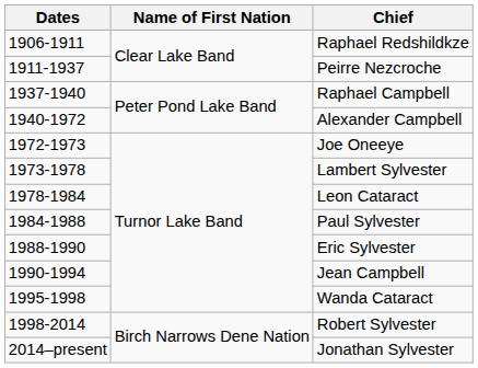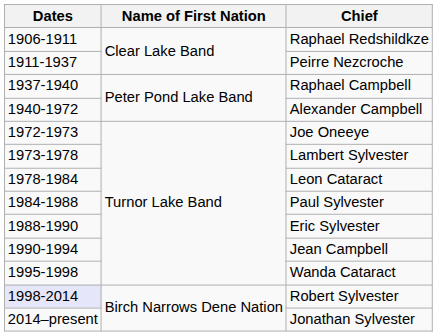 <table class="wikitable">
 <tr>
 <th>Dates</th>
 <th>Name of First Nation</th>
 <th>Chief</th>
 </tr>
 <tr>
 <td>1906-1911</td>
 <td rowspan="2">Clear Lake Band</td>
 <td>Raphael Redshildkze</td>
 </tr>
 <tr>
 <td>1911-1937</td>
 <td>Peirre Nezcroche</td>
 </tr>
 <tr>
 <td>1937-1940</td>
 <td rowspan="3">Peter Pond Lake Band</td>
 <td>Raphael Campbell</td>
 </tr>
 <tr>
 <td>1940-1972</td>
 <td>Alexander Campbell</td>
 </tr>
 <tr>
 <td rowspan="2">1972-1973</td>
 <td rowspan="2">Joe Oneeye</td>
 </tr>
 <tr>
 <td rowspan="7">Turnor Lake Band</td>
 </tr>
 <tr>
 <td>1973-1978</td>
 <td>Lambert Sylvester</td>
 </tr>
 <tr>
 <td>1978-1984</td>
 <td>Leon Cataract</td>
 </tr>
 <tr>
 <td>1984-1988</td>
 <td>Paul Sylvester</td>
 </tr>
 <tr>
 <td>1988-1990</td>
 <td>Eric Sylvester</td>
 </tr>
 <tr>
 <td>1990-1994</td>
 <td>Jean Campbell</td>
 </tr>
 <tr>
 <td>1995-1998</td>
 <td>Wanda Cataract</td>
 </tr>
 <tr>
-<td>1998-2014</td>
+<td style="background: lavender;">1998-2014</td>
 <td rowspan="2">Birch Narrows Dene Nation</td>
 <td>Robert Sylvester</td>
 </tr>
 <tr>
 <td>2014–present</td>
 <td>Jonathan Sylvester</td>
 </tr>
 </table>
